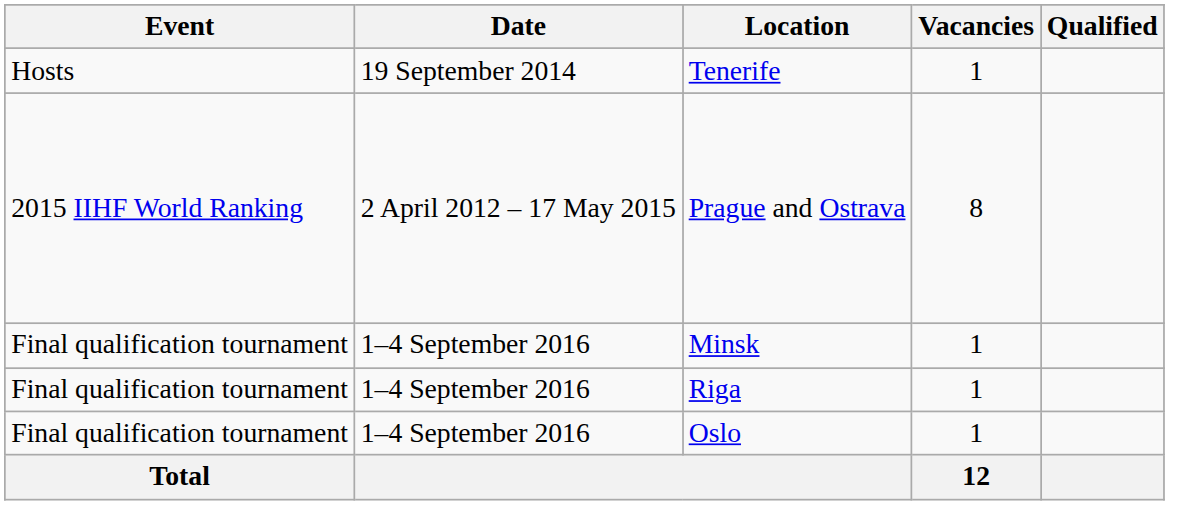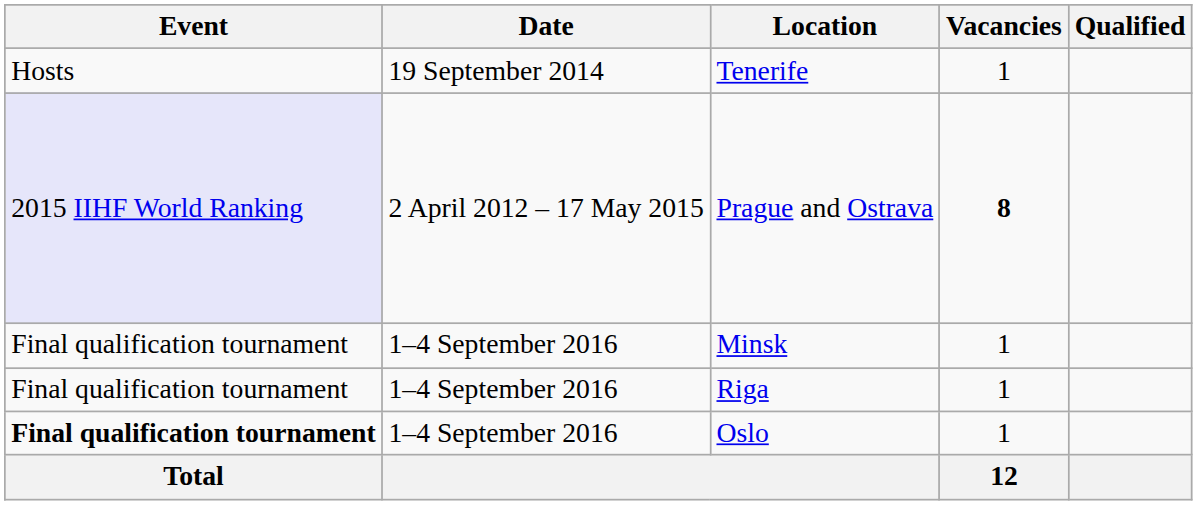 <table class="wikitable">
 <tr>
 <th>Event</th>
 <th>Date</th>
 <th>Location</th>
 <th>Vacancies</th>
 <th>Qualified</th>
 </tr>
 <tr>
 <td>Hosts</td>
 <td>19 September 2014</td>
 <td> <a href='#'>Tenerife</a></td>
 <td align=center>1</td>
 <td></td>
 </tr>
 <tr>
-<td>2015 <a href='#'>IIHF World Ranking</a></td>
+<td style="background: lavender;">2015 <a href='#'>IIHF World Ranking</a></td>
 <td>2 April 2012 – 17 May 2015</td>
 <td> <a href='#'>Prague</a> and <a href='#'>Ostrava</a></td>
-<td align=center>8</td>
+<td align=center><strong>8</strong></td>
 <td><br><br><br><br><br><br><br></td>
 </tr>
 <tr>
 <td>Final qualification tournament</td>
 <td>1–4 September 2016</td>
 <td> <a href='#'>Minsk</a></td>
 <td align=center>1</td>
 <td></td>
 </tr>
 <tr>
 <td>Final qualification tournament</td>
 <td>1–4 September 2016</td>
 <td> <a href='#'>Riga</a></td>
 <td align=center>1</td>
 <td></td>
 </tr>
 <tr>
-<td>Final qualification tournament</td>
+<td><strong>Final qualification tournament</strong></td>
 <td>1–4 September 2016</td>
 <td> <a href='#'>Oslo</a></td>
 <td align=center>1</td>
 <td></td>
 </tr>
 <tr>
 <th>Total</th>
 <th colspan="2"></th>
 <th>12</th>
 <th></th>
 </tr>
 </table>
